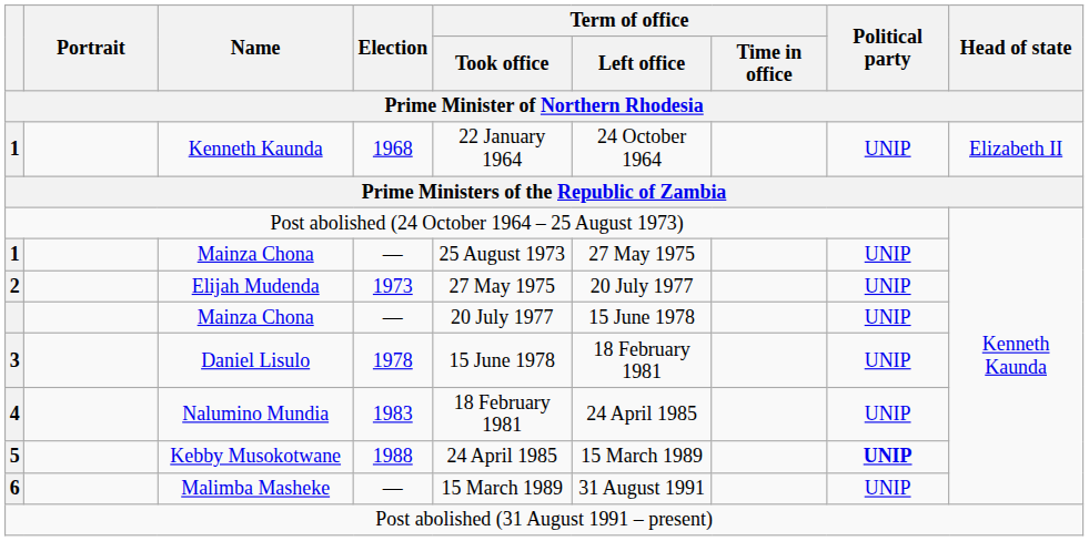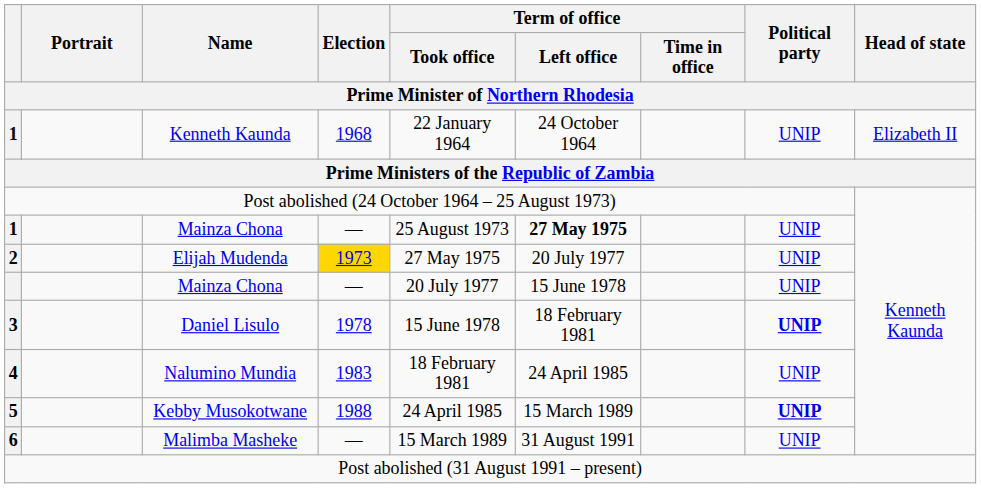 <table class="wikitable" style="text-align:center">
 <tr>
 <th rowspan="2"></th>
 <th rowspan="2" style="width:100px;">Portrait</th>
 <th rowspan="2" width="150">Name<br></th>
 <th rowspan="2">Election</th>
 <th colspan="3">Term of office</th>
 <th rowspan="2">Political party</th>
 <th rowspan="2">Head of state</th>
 </tr>
 <tr>
 <th>Took office</th>
 <th>Left office</th>
 <th>Time in office</th>
 </tr>
 <tr>
 <th colspan="9">Prime Minister of <a href='#'>Northern Rhodesia</a></th>
 </tr>
 <tr>
 <th style="background:">1</th>
 <td></td>
 <td><a href='#'>Kenneth Kaunda</a><br></td>
 <td><a href='#'>1968</a></td>
 <td>22 January 1964</td>
 <td>24 October 1964</td>
 <td></td>
 <td><a href='#'>UNIP</a></td>
 <td><a href='#'>Elizabeth II</a></td>
 </tr>
 <tr>
 <th colspan="9">Prime Ministers of the <a href='#'>Republic of Zambia</a></th>
 </tr>
 <tr>
 <td colspan="8">Post abolished (24 October 1964 – 25 August 1973)</td>
 <td rowspan="8"><a href='#'>Kenneth Kaunda</a></td>
 </tr>
 <tr>
 <th style="background:">1</th>
 <td></td>
 <td><a href='#'>Mainza Chona</a><br></td>
 <td>—</td>
 <td>25 August 1973</td>
-<td>27 May 1975</td>
+<td><strong>27 May 1975</strong></td>
 <td></td>
 <td><a href='#'>UNIP</a></td>
 </tr>
 <tr>
 <th style="background:">2</th>
 <td></td>
 <td><a href='#'>Elijah Mudenda</a><br></td>
-<td><a href='#'>1973</a></td>
+<td style="background: gold;"><a href='#'>1973</a></td>
 <td>27 May 1975</td>
 <td>20 July 1977</td>
 <td></td>
 <td><a href='#'>UNIP</a></td>
 </tr>
 <tr>
 <th style="background:"></th>
 <td></td>
 <td><a href='#'>Mainza Chona</a><br></td>
 <td>—</td>
 <td>20 July 1977</td>
 <td>15 June 1978</td>
 <td></td>
 <td><a href='#'>UNIP</a></td>
 </tr>
 <tr>
 <th style="background:">3</th>
 <td></td>
 <td><a href='#'>Daniel Lisulo</a><br></td>
 <td><a href='#'>1978</a></td>
 <td>15 June 1978</td>
 <td>18 February 1981</td>
 <td></td>
-<td><a href='#'>UNIP</a></td>
+<td><strong><a href='#'>UNIP</a></strong></td>
 </tr>
 <tr>
 <th style="background:">4</th>
 <td></td>
 <td><a href='#'>Nalumino Mundia</a><br></td>
 <td><a href='#'>1983</a></td>
 <td>18 February 1981</td>
 <td>24 April 1985</td>
 <td></td>
 <td><a href='#'>UNIP</a></td>
 </tr>
 <tr>
 <th style="background:">5</th>
 <td></td>
 <td><a href='#'>Kebby Musokotwane</a><br></td>
 <td><a href='#'>1988</a></td>
 <td>24 April 1985</td>
 <td>15 March 1989</td>
 <td></td>
 <td><strong><a href='#'>UNIP</a></strong></td>
 </tr>
 <tr>
 <th style="background:">6</th>
 <td></td>
 <td><a href='#'>Malimba Masheke</a><br></td>
 <td>—</td>
 <td>15 March 1989</td>
 <td>31 August 1991</td>
 <td></td>
 <td><a href='#'>UNIP</a></td>
 </tr>
 <tr>
 <td colspan="9">Post abolished (31 August 1991 – present)</td>
 </tr>
 </table>
